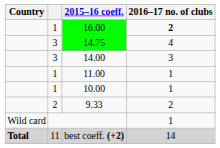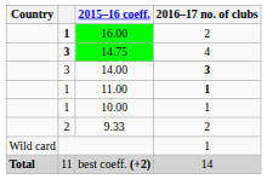 <table class="wikitable" style="margin-left:0.5em;background: #F9F9F9; border: 1px #AAA solid;border-collapse: collapse;">
 <tr>
 <th>Country</th>
 <th></th>
 <th><a href='#'>2015–16 coeff.</a></th>
 <th>2016–17 no. of clubs</th>
 </tr>
 <tr>
 <td></td>
-<td align=center>1</td>
+<td align=center><strong>1</strong></td>
 <td align=center style="background:lime;">16.00</td>
-<td align=center><strong>2</strong></td>
+<td align=center>2</td>
 </tr>
 <tr>
 <td></td>
-<td align=center>3</td>
+<td align=center><strong>3</strong></td>
 <td align=center style="background:lime;">14.75</td>
 <td align=center>4</td>
 </tr>
 <tr>
 <td></td>
 <td align=center>3</td>
 <td align=center>14.00</td>
-<td align=center>3</td>
+<td align=center><strong>3</strong></td>
 </tr>
 <tr>
 <td></td>
 <td align=center>1</td>
 <td align=center>11.00</td>
-<td align=center>1</td>
+<td align=center><strong>1</strong></td>
 </tr>
 <tr>
 <td></td>
 <td align=center>1</td>
 <td align=center>10.00</td>
 <td align=center>1</td>
 </tr>
 <tr>
 <td></td>
 <td align=center>2</td>
 <td align=center>9.33</td>
 <td align=center>2</td>
 </tr>
 <tr>
 <td>Wild card</td>
 <td colspan=2></td>
 <td align=center>1</td>
 </tr>
 <tr bgcolor=D3D3D3>
 <td><strong>Total</strong></td>
 <td align=center>11</td>
 <td align=center>best coeff. <strong>(+2)</strong></td>
 <td align=center>14</td>
 </tr>
 </table>
